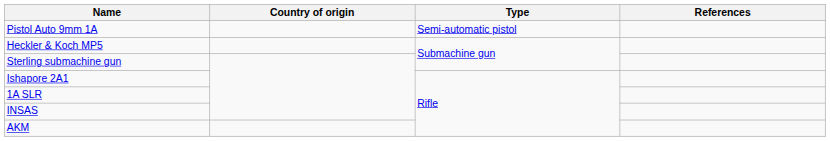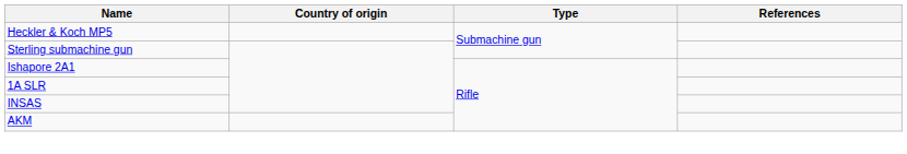 <table class="wikitable" width="100%" border="0">
 <tr>
 <th width="25%">Name</th>
 <th width="25%">Country of origin</th>
 <th width="25%">Type</th>
 <th>References</th>
-</tr>
-<tr>
-<td><a href='#'>Pistol Auto 9mm 1A</a></td>
-<td></td>
-<td><a href='#'>Semi-automatic pistol</a></td>
-<td></td>
 </tr>
 <tr>
 <td><a href='#'>Heckler & Koch MP5</a></td>
 <td></td>
 <td rowspan="2"><a href='#'>Submachine gun</a></td>
 <td></td>
 </tr>
 <tr>
 <td><a href='#'>Sterling submachine gun</a></td>
 <td rowspan="4"></td>
 <td></td>
 </tr>
 <tr>
 <td><a href='#'>Ishapore 2A1</a></td>
 <td rowspan="4"><a href='#'>Rifle</a></td>
 <td></td>
 </tr>
 <tr>
 <td><a href='#'>1A SLR</a></td>
 <td></td>
 </tr>
 <tr>
 <td><a href='#'>INSAS</a></td>
 <td></td>
 </tr>
 <tr>
 <td><a href='#'>AKM</a></td>
 <td></td>
 <td></td>
 </tr>
 </table>
